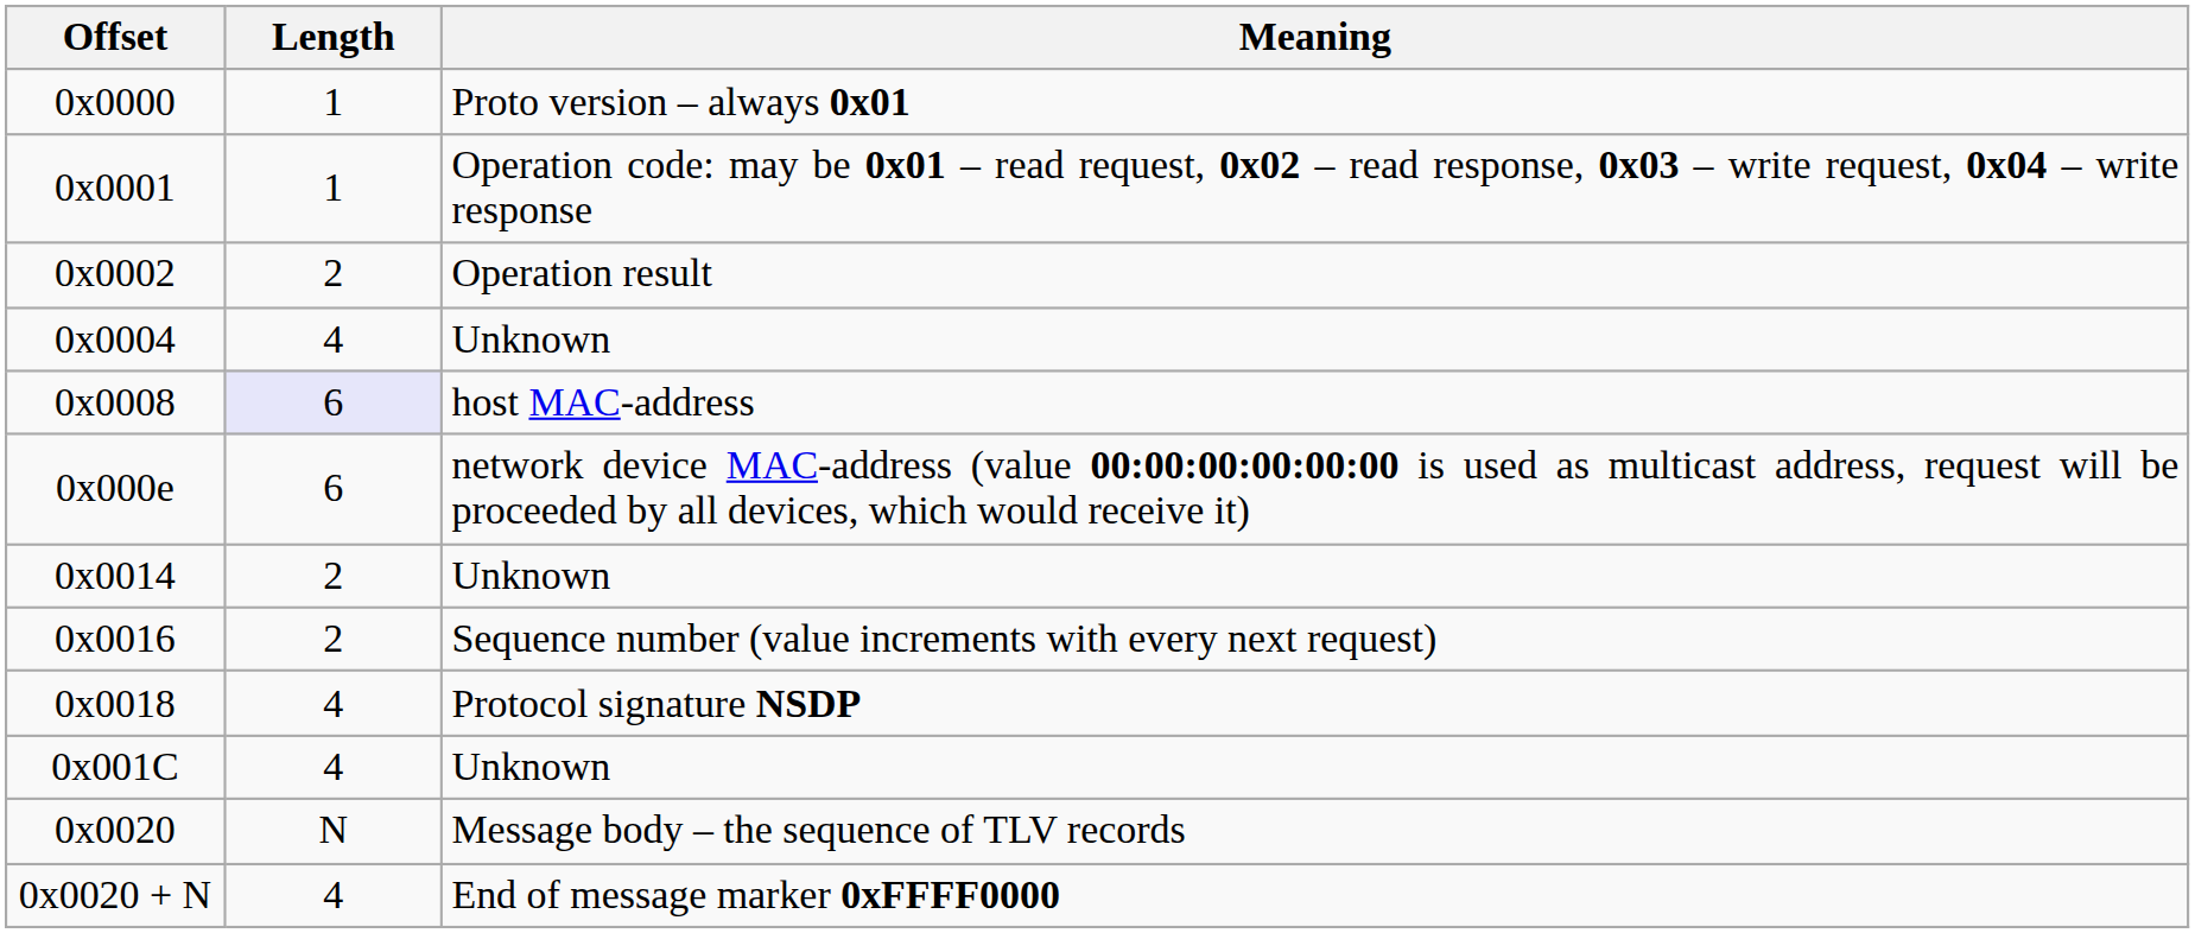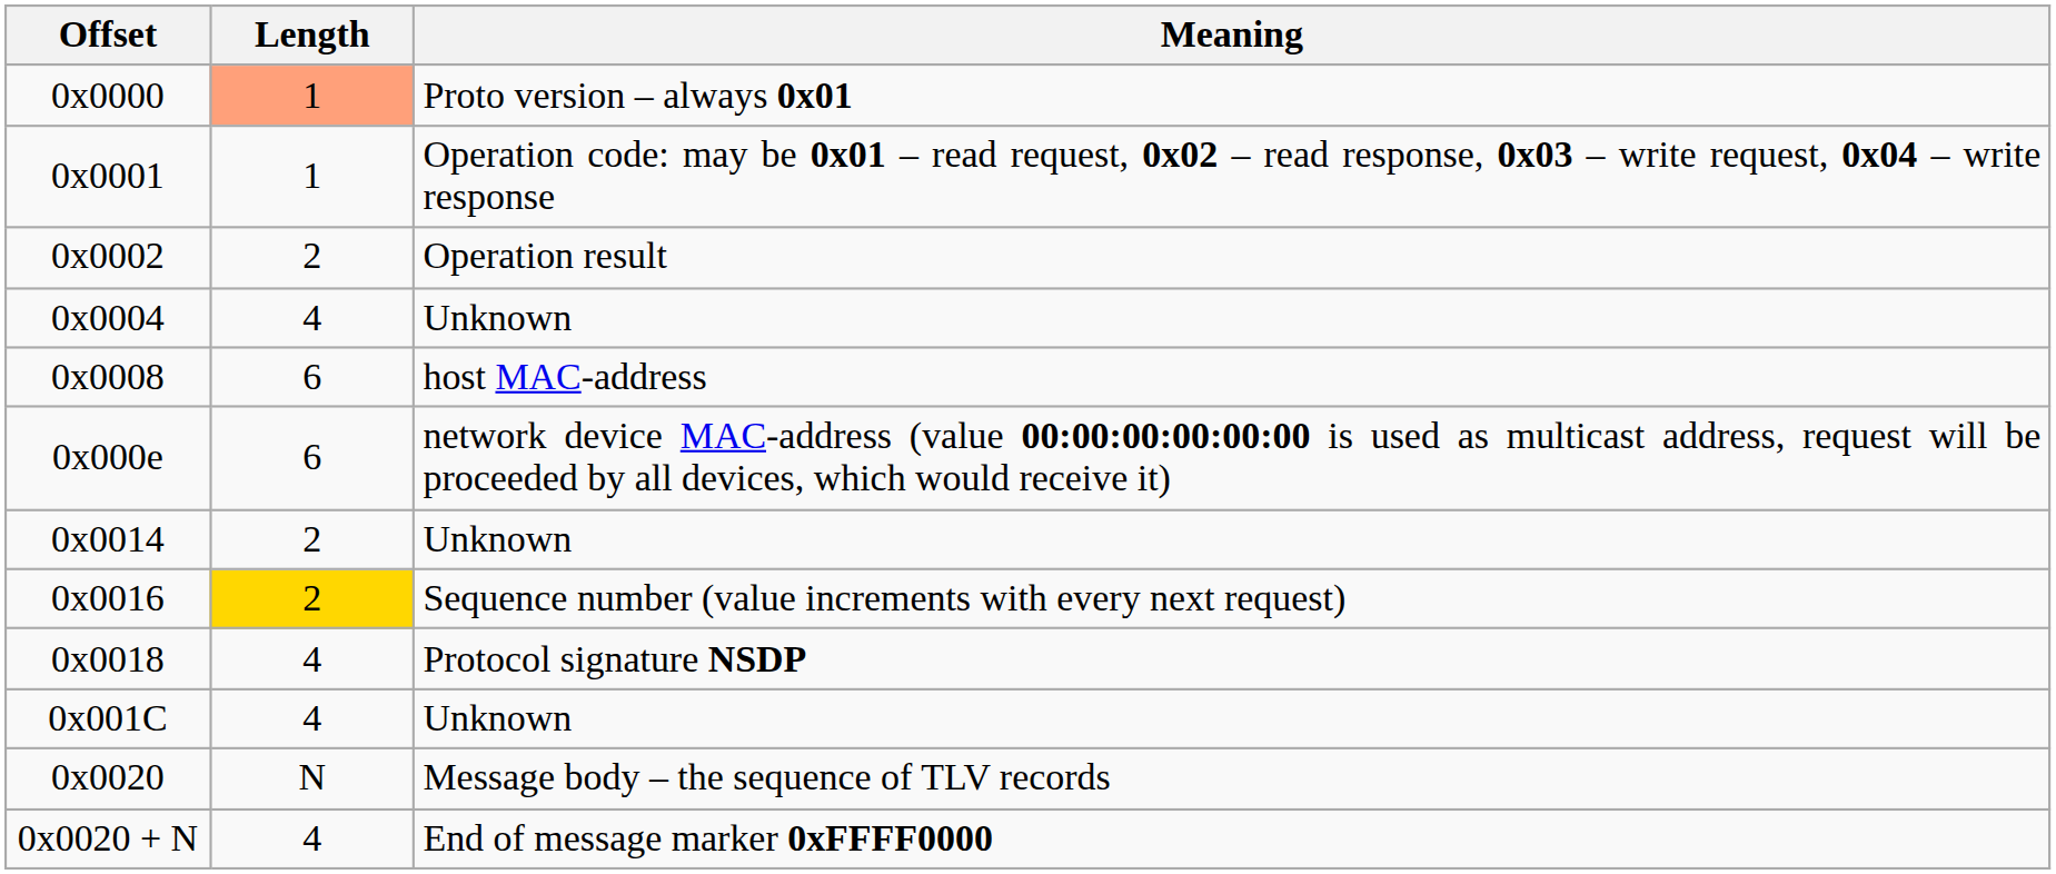 <table class="wikitable" center">
 <tr style="text-align:center;">
 <th style="width:10%;">Offset</th>
 <th style="width:10%;">Length</th>
 <th colspan="8" style="width:80%;">Meaning</th>
 </tr>
 <tr style="text-align:center;">
 <td style="width:10%;">0x0000</td>
-<td style="width:10%;">1</td>
+<td style="background: lightsalmon; width:10%;">1</td>
 <td colspan="8"  style="width:80%; text-align:justify;">Proto version – always <strong>0x01</strong></td>
 </tr>
 <tr style="text-align:center;">
 <td style="width:10%;">0x0001</td>
 <td style="width:10%;">1</td>
 <td colspan="8"  style="width:80%; text-align:justify;">Operation code: may be <strong>0x01</strong> – read request, <strong>0x02</strong> – read response, <strong>0x03</strong> – write request, <strong>0x04</strong> – write response</td>
 </tr>
 <tr style="text-align:center;">
 <td style="width:10%;">0x0002</td>
 <td style="width:10%;">2</td>
 <td colspan="8"  style="width:80%; text-align:justify;">Operation result</td>
 </tr>
 <tr style="text-align:center;">
 <td style="width:10%;">0x0004</td>
 <td style="width:10%;">4</td>
 <td colspan="8"  style="width:80%; text-align:justify;">Unknown</td>
 </tr>
 <tr style="text-align:center;">
 <td style="width:10%;">0x0008</td>
-<td style="background: lavender; width:10%;">6</td>
+<td style="width:10%;">6</td>
 <td colspan="8"  style="width:80%; text-align:justify;">host <a href='#'>MAC</a>-address</td>
 </tr>
 <tr style="text-align:center;">
 <td style="width:10%;">0x000e</td>
 <td style="width:10%;">6</td>
 <td colspan="8"  style="width:80%; text-align:justify;">network device <a href='#'>MAC</a>-address (value <strong>00:00:00:00:00:00</strong> is used as multicast address, request will be proceeded by all devices, which would receive it)</td>
 </tr>
 <tr style="text-align:center;">
 <td style="width:10%;">0x0014</td>
 <td style="width:10%;">2</td>
 <td colspan="8"  style="width:80%; text-align:justify;">Unknown</td>
 </tr>
 <tr style="text-align:center;">
 <td style="width:10%;">0x0016</td>
-<td style="width:10%;">2</td>
+<td style="background: gold; width:10%;">2</td>
 <td colspan="8"  style="width:80%; text-align:justify;">Sequence number (value increments with every next request)</td>
 </tr>
 <tr style="text-align:center;">
 <td style="width:10%;">0x0018</td>
 <td style="width:10%;">4</td>
 <td colspan="8"  style="width:80%; text-align:justify;">Protocol signature <strong>NSDP</strong></td>
 </tr>
 <tr style="text-align:center;">
 <td style="width:10%;">0x001С</td>
 <td style="width:10%;">4</td>
 <td colspan="8"  style="width:80%; text-align:justify;">Unknown</td>
 </tr>
 <tr style="text-align:center;">
 <td style="width:10%;">0x0020</td>
 <td style="width:10%;">N</td>
 <td colspan="8"  style="width:80%; text-align:justify;">Message body – the sequence of TLV records</td>
 </tr>
 <tr style="text-align:center;">
 <td style="width:10%;">0x0020 + N</td>
 <td style="width:10%;">4</td>
 <td colspan="8"  style="width:80%; text-align:justify;">End of message marker <strong>0xFFFF0000</strong></td>
 </tr>
 </table>
